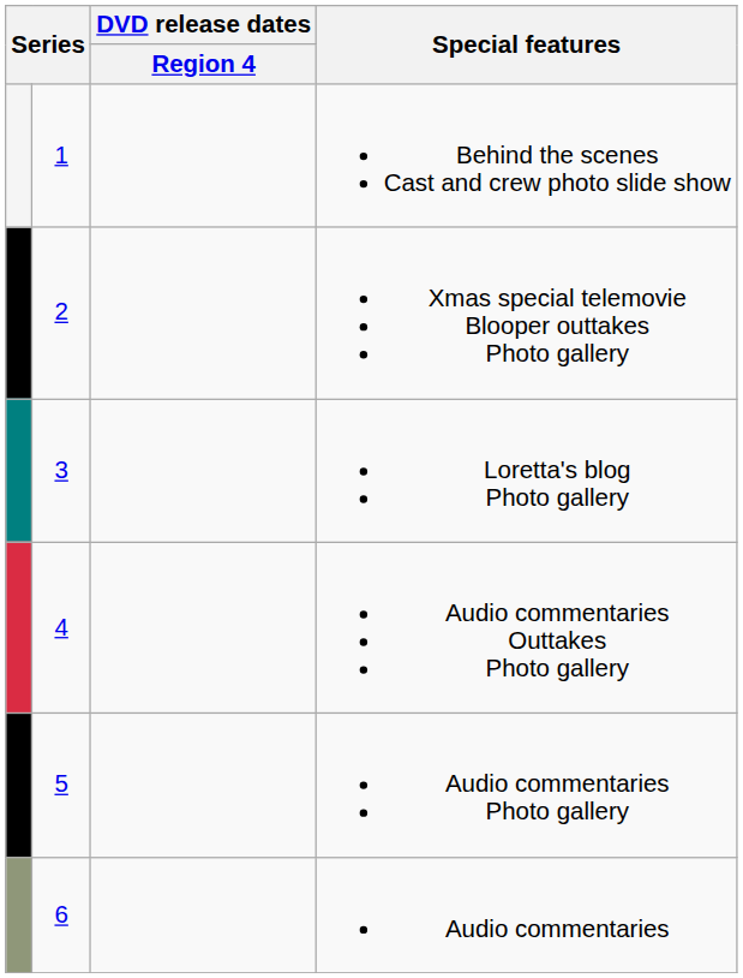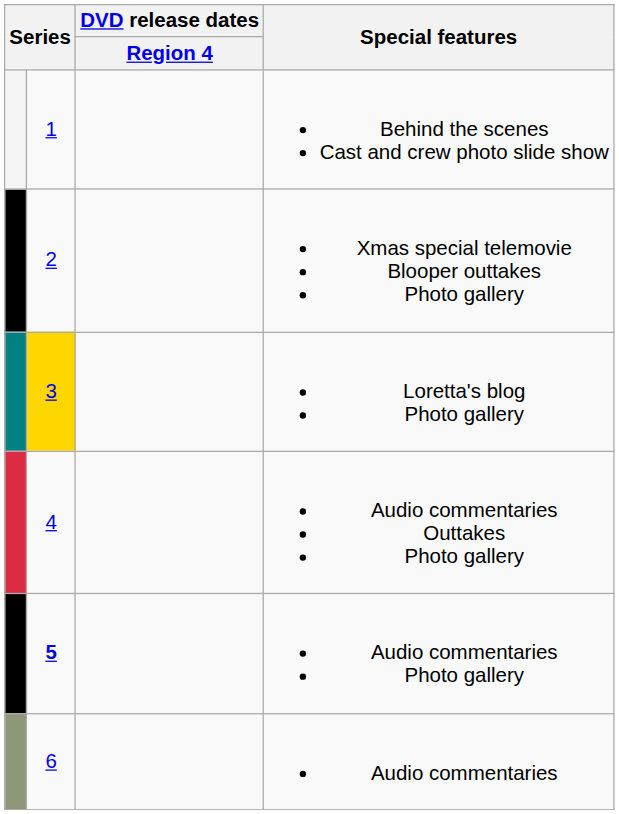 <table class="wikitable plainrowheaders" style="text-align:center">
 <tr>
 <th colspan="2" rowspan="2">Series</th>
 <th><a href='#'>DVD</a> release dates</th>
 <th rowspan="2">Special features</th>
 </tr>
 <tr>
 <th><a href='#'>Region 4</a></th>
 </tr>
 <tr>
 <td style="background:#F5F5F5;"></td>
 <td><a href='#'>1</a></td>
 <td> <br> </td>
 <td><br><ul><li>Behind the scenes</li><li>Cast and crew photo slide show</li></ul></td>
 </tr>
 <tr>
 <td style="background:#000000;"></td>
 <td><a href='#'>2</a></td>
 <td> <br> </td>
 <td><br><ul><li>Xmas special telemovie</li><li>Blooper outtakes</li><li>Photo gallery</li></ul></td>
 </tr>
 <tr>
 <td style="background:#008080;"></td>
-<td><a href='#'>3</a></td>
+<td style="background: gold;"><a href='#'>3</a></td>
 <td> <br> </td>
 <td><br><ul><li>Loretta's blog</li><li>Photo gallery</li></ul></td>
 </tr>
 <tr>
 <td style="background:#DA2C43;"></td>
 <td><a href='#'>4</a></td>
 <td> <br> </td>
 <td><br><ul><li>Audio commentaries</li><li>Outtakes</li><li>Photo gallery</li></ul></td>
 </tr>
 <tr>
 <td style="background:#000000;"></td>
-<td><a href='#'>5</a></td>
+<td><strong><a href='#'>5</a></strong></td>
 <td> <br> </td>
 <td><br><ul><li>Audio commentaries</li><li>Photo gallery</li></ul></td>
 </tr>
 <tr>
 <td style="background:#8F9779;"></td>
 <td><a href='#'>6</a></td>
 <td> <br> </td>
 <td><br><ul><li>Audio commentaries</li></ul></td>
 </tr>
 </table>
